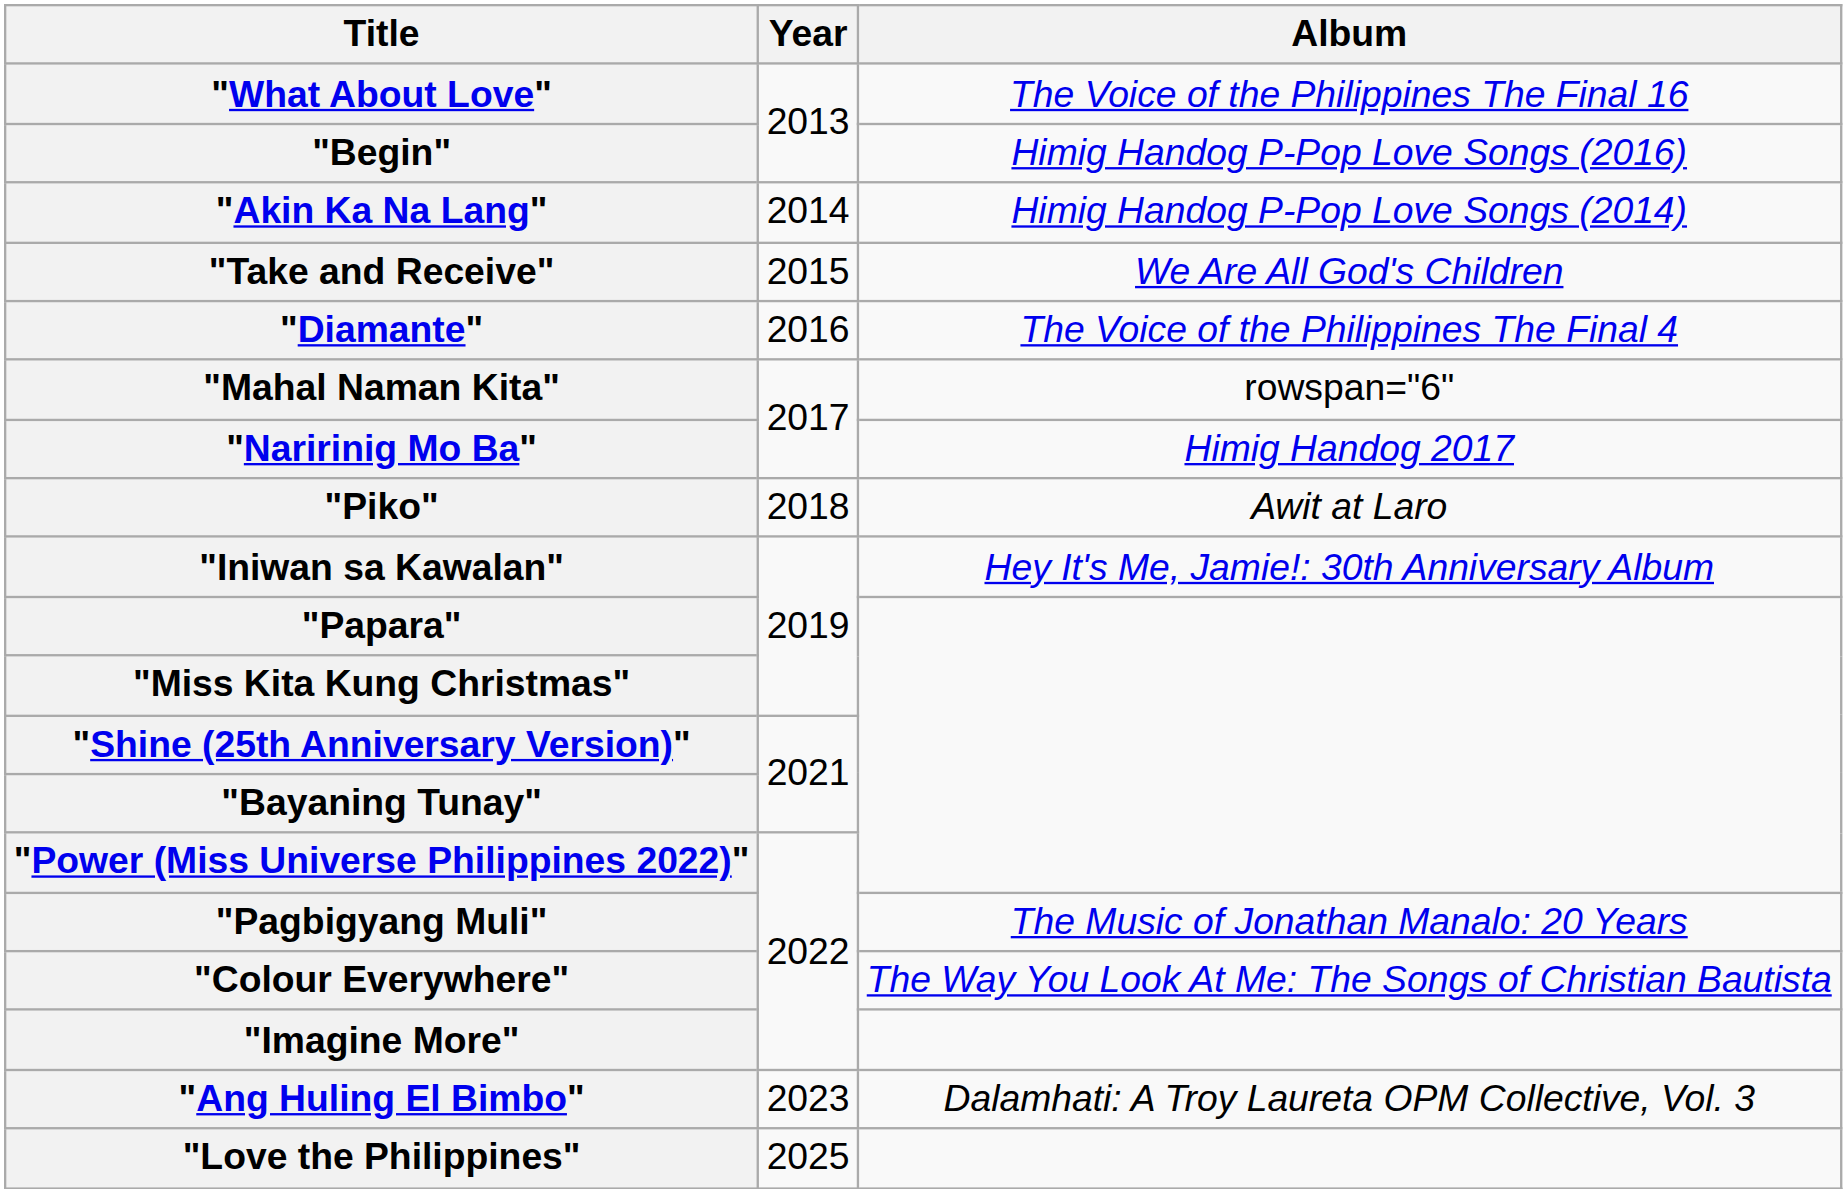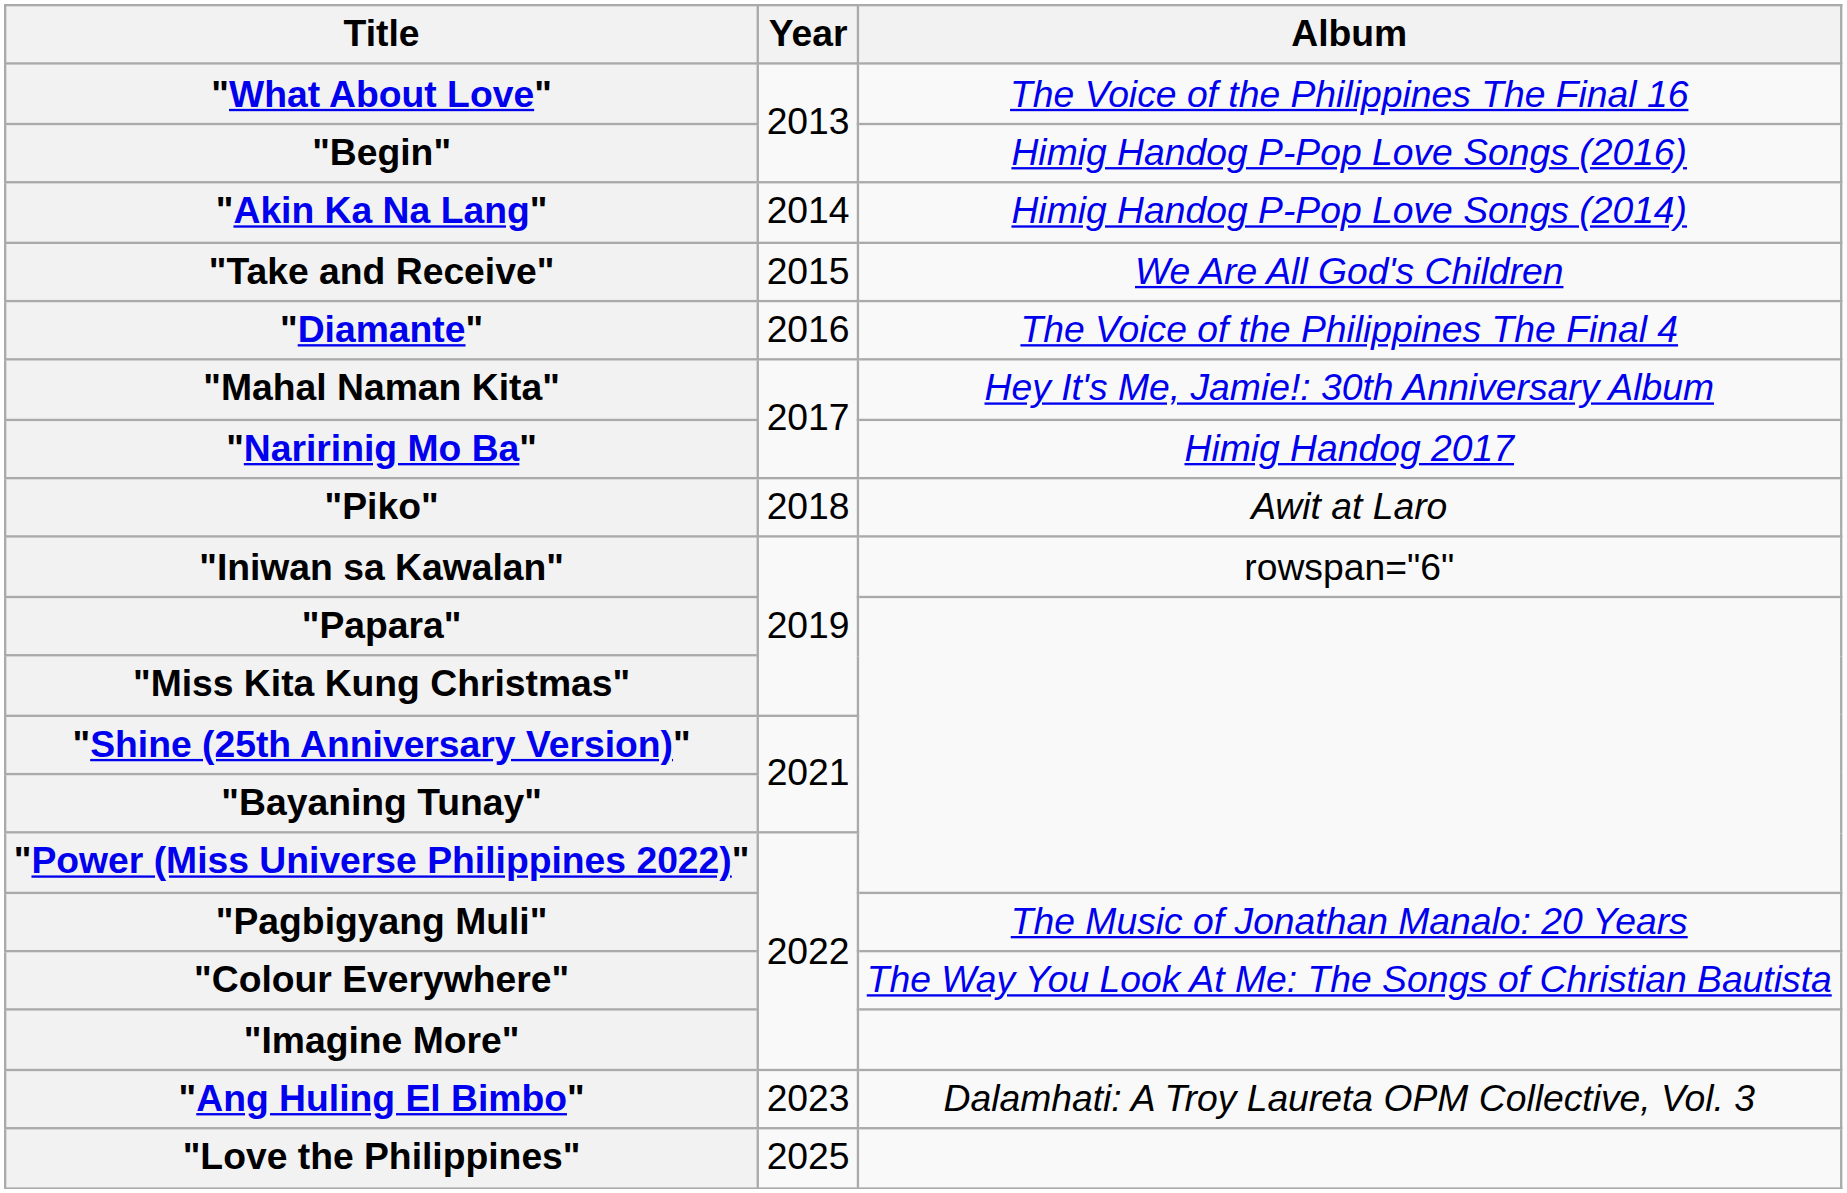 <table class="wikitable plainrowheaders" style="text-align:center;">
 <tr>
 <th scope="col">Title</th>
 <th scope="col">Year</th>
 <th scope="col">Album</th>
 </tr>
 <tr>
 <th scope="row">"<a href='#'>What About Love</a>"</th>
 <td rowspan="2">2013</td>
 <td><em><a href='#'>The Voice of the Philippines The Final 16</a></em></td>
 </tr>
 <tr>
 <th scope="row">"Begin"</th>
 <td><em><a href='#'>Himig Handog P-Pop Love Songs (2016)</a></em></td>
 </tr>
 <tr>
 <th scope="row">"<a href='#'>Akin Ka Na Lang</a>"</th>
 <td>2014</td>
 <td><em><a href='#'>Himig Handog P-Pop Love Songs (2014)</a></em></td>
 </tr>
 <tr>
 <th scope="row">"Take and Receive"</th>
 <td>2015</td>
 <td><em><a href='#'>We Are All God's Children</a></em></td>
 </tr>
 <tr>
 <th scope="row">"<a href='#'>Diamante</a>"</th>
 <td>2016</td>
 <td><em><a href='#'>The Voice of the Philippines The Final 4</a></em></td>
 </tr>
 <tr>
 <th scope="row">"Mahal Naman Kita"</th>
 <td rowspan="2">2017</td>
-<td>rowspan="6" </td>
+<td><em><a href='#'>Hey It's Me, Jamie!: 30th Anniversary Album</a></em></td>
 </tr>
 <tr>
 <th scope="row">"<a href='#'>Naririnig Mo Ba</a>"</th>
 <td><em><a href='#'>Himig Handog 2017</a></em></td>
 </tr>
 <tr>
 <th scope="row">"Piko"</th>
 <td>2018</td>
 <td><em>Awit at Laro</em></td>
 </tr>
 <tr>
 <th scope="row">"Iniwan sa Kawalan"<br></th>
 <td rowspan="3">2019</td>
-<td><em><a href='#'>Hey It's Me, Jamie!: 30th Anniversary Album</a></em></td>
+<td>rowspan="6" </td>
 </tr>
 <tr>
 <th scope="row">"Papara"</th>
 </tr>
 <tr>
 <th scope="row">"Miss Kita Kung Christmas"<br></th>
 </tr>
 <tr>
 <th scope="row">"<a href='#'>Shine (25th Anniversary Version)</a>"</th>
 <td rowspan="2">2021</td>
 </tr>
 <tr>
 <th scope="row">"Bayaning Tunay"<br></th>
 </tr>
 <tr>
 <th scope="row">"<a href='#'>Power (Miss Universe Philippines 2022)</a>"</th>
 <td rowspan="4">2022</td>
 </tr>
 <tr>
 <th scope="row">"Pagbigyang Muli"</th>
 <td><em><a href='#'>The Music of Jonathan Manalo: 20 Years</a></em></td>
 </tr>
 <tr>
 <th scope="row">"Colour Everywhere"</th>
 <td><em><a href='#'>The Way You Look At Me: The Songs of Christian Bautista</a></em></td>
 </tr>
 <tr>
 <th scope="row">"Imagine More"</th>
 <td></td>
 </tr>
 <tr>
 <th scope="row">"<a href='#'>Ang Huling El Bimbo</a>"</th>
 <td>2023</td>
 <td><em>Dalamhati: A Troy Laureta OPM Collective, Vol. 3</em></td>
 </tr>
 <tr>
 <th scope="row">"Love the Philippines"</th>
 <td>2025</td>
 <td></td>
 </tr>
 <tr>
 </tr>
 </table>
